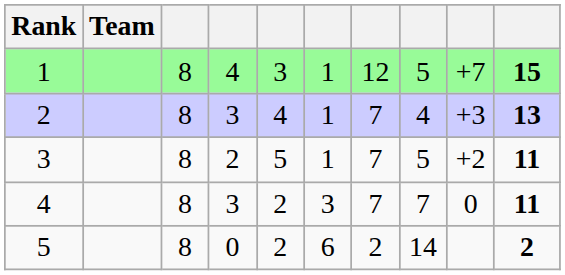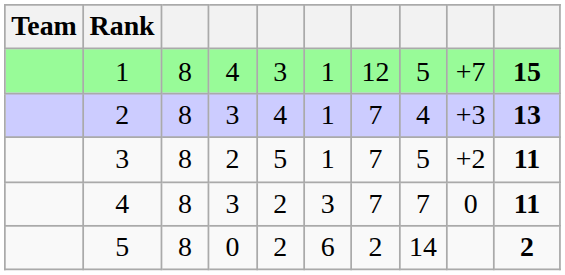 <table class="wikitable" style="text-align:center">
 <tr>
+<th style="width=170px;">Team</th>
 <th>Rank</th>
-<th style="width=170px;">Team</th>
 <th width=20px></th>
 <th width=20px></th>
 <th width=20px></th>
 <th width=20px></th>
 <th width=20px></th>
 <th width=20px></th>
 <th width=20px></th>
 <th width=30px></th>
 </tr>
 <tr bgcolor="#98fb98">
+<td align="left"></td>
 <td>1</td>
-<td align="left"></td>
 <td>8</td>
 <td>4</td>
 <td>3</td>
 <td>1</td>
 <td>12</td>
 <td>5</td>
 <td>+7</td>
 <td><strong>15</strong></td>
 </tr>
 <tr bgcolor="#CCCCFF">
+<td align="left"></td>
 <td>2</td>
-<td align="left"></td>
 <td>8</td>
 <td>3</td>
 <td>4</td>
 <td>1</td>
 <td>7</td>
 <td>4</td>
 <td>+3</td>
 <td><strong>13</strong></td>
 </tr>
 <tr>
+<td align="left"></td>
 <td>3</td>
-<td align="left"></td>
 <td>8</td>
 <td>2</td>
 <td>5</td>
 <td>1</td>
 <td>7</td>
 <td>5</td>
 <td>+2</td>
 <td><strong>11</strong></td>
 </tr>
 <tr>
+<td align="left"></td>
 <td>4</td>
-<td align="left"></td>
 <td>8</td>
 <td>3</td>
 <td>2</td>
 <td>3</td>
 <td>7</td>
 <td>7</td>
 <td>0</td>
 <td><strong>11</strong></td>
 </tr>
 <tr>
+<td align="left"><strong></strong></td>
 <td>5</td>
-<td align="left"><strong></strong></td>
 <td>8</td>
 <td>0</td>
 <td>2</td>
 <td>6</td>
 <td>2</td>
 <td>14</td>
 <td></td>
 <td><strong>2</strong></td>
 </tr>
 </table>
